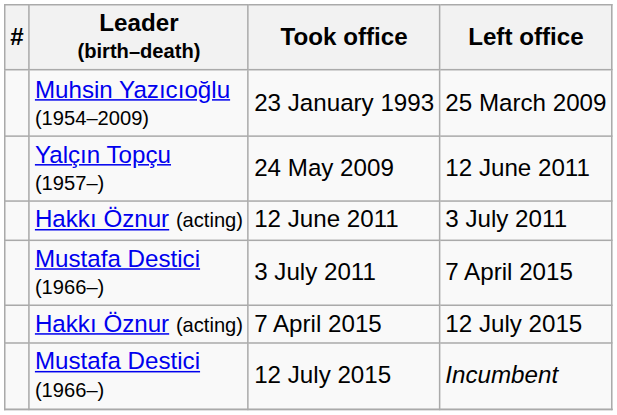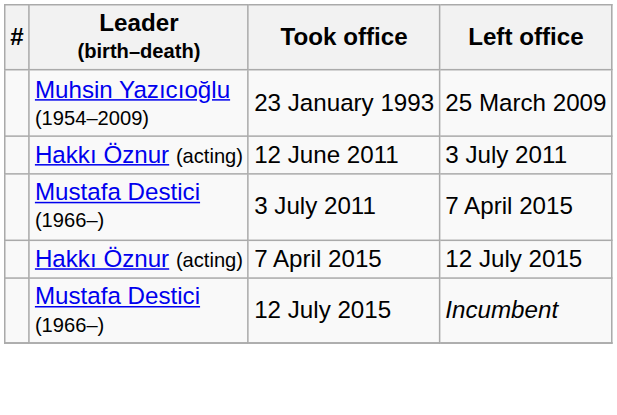 <table class="wikitable">
 <tr>
 <th>#</th>
 <th>Leader<br><small>(birth–death)</small></th>
 <th>Took office</th>
 <th>Left office</th>
 </tr>
 <tr>
 <td style="background: "></td>
 <td><a href='#'>Muhsin Yazıcıoğlu</a><br><small>(1954–2009)</small></td>
 <td>23 January 1993</td>
 <td>25 March 2009</td>
-</tr>
-<tr>
-<td style="background: "></td>
-<td><a href='#'>Yalçın Topçu</a><br><small>(1957–)</small></td>
-<td>24 May 2009</td>
-<td>12 June 2011</td>
 </tr>
 <tr>
 <td style="background: "></td>
 <td><a href='#'>Hakkı Öznur</a> <small>(acting)</small></td>
 <td>12 June 2011</td>
 <td>3 July 2011</td>
 </tr>
 <tr>
 <td style="background: "></td>
 <td><a href='#'>Mustafa Destici</a><br><small>(1966–)</small></td>
 <td>3 July 2011</td>
 <td>7 April 2015</td>
 </tr>
 <tr>
 <td style="background: "></td>
 <td><a href='#'>Hakkı Öznur</a> <small>(acting)</small></td>
 <td>7 April 2015</td>
 <td>12 July 2015</td>
 </tr>
 <tr>
 <td style="background: "></td>
 <td><a href='#'>Mustafa Destici</a><br><small>(1966–)</small></td>
 <td>12 July 2015</td>
 <td><em>Incumbent</em></td>
 </tr>
 <tr>
 </tr>
 </table>
